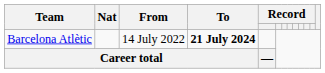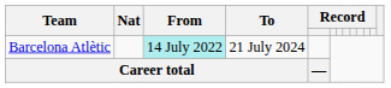 <table class="wikitable" style="text-align: center">
 <tr>
 <th rowspan="2">Team</th>
 <th rowspan="2">Nat</th>
 <th rowspan="2">From</th>
 <th rowspan="2">To</th>
 <th colspan="8">Record</th>
 <th rowspan=2></th>
 </tr>
 <tr>
 <th></th>
 <th></th>
 <th></th>
 <th></th>
 <th></th>
 <th></th>
 <th></th>
 <th></th>
 </tr>
 <tr>
 <td><a href='#'>Barcelona Atlètic</a></td>
 <td></td>
-<td>14 July 2022</td>
-<td><strong>21 July 2024<br></strong></td>
+<td style="background: paleturquoise;">14 July 2022</td>
+<td>21 July 2024<br></td>
 <td></td>
 </tr>
 <tr>
 <th colspan=4>Career total<br></th>
 <th>—</th>
 </tr>
 </table>
